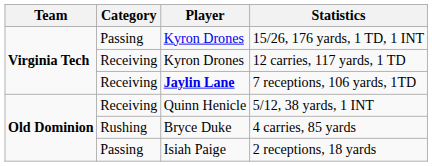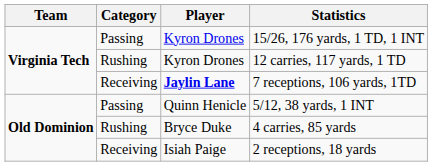 <table class="wikitable" style="float: right;">
 <tr>
 <th>Team</th>
 <th>Category</th>
 <th>Player</th>
 <th>Statistics</th>
 </tr>
 <tr>
 <td rowspan=3><strong>Virginia Tech</strong></td>
 <td>Passing</td>
 <td><a href='#'>Kyron Drones</a></td>
 <td>15/26, 176 yards, 1 TD, 1 INT</td>
 </tr>
 <tr>
-<td>Receiving</td>
+<td>Rushing</td>
 <td>Kyron Drones</td>
 <td>12 carries, 117 yards, 1 TD</td>
 </tr>
 <tr>
 <td>Receiving</td>
 <td><strong><a href='#'>Jaylin Lane</a></strong></td>
 <td>7 receptions, 106 yards, 1TD</td>
 </tr>
 <tr>
 <td rowspan=3><strong>Old Dominion</strong></td>
-<td>Receiving</td>
+<td>Passing</td>
 <td>Quinn Henicle</td>
 <td>5/12, 38 yards, 1 INT</td>
 </tr>
 <tr>
 <td>Rushing</td>
 <td>Bryce Duke</td>
 <td>4 carries, 85 yards</td>
 </tr>
 <tr>
-<td>Passing</td>
+<td>Receiving</td>
 <td>Isiah Paige</td>
 <td>2 receptions, 18 yards</td>
 </tr>
 </table>
